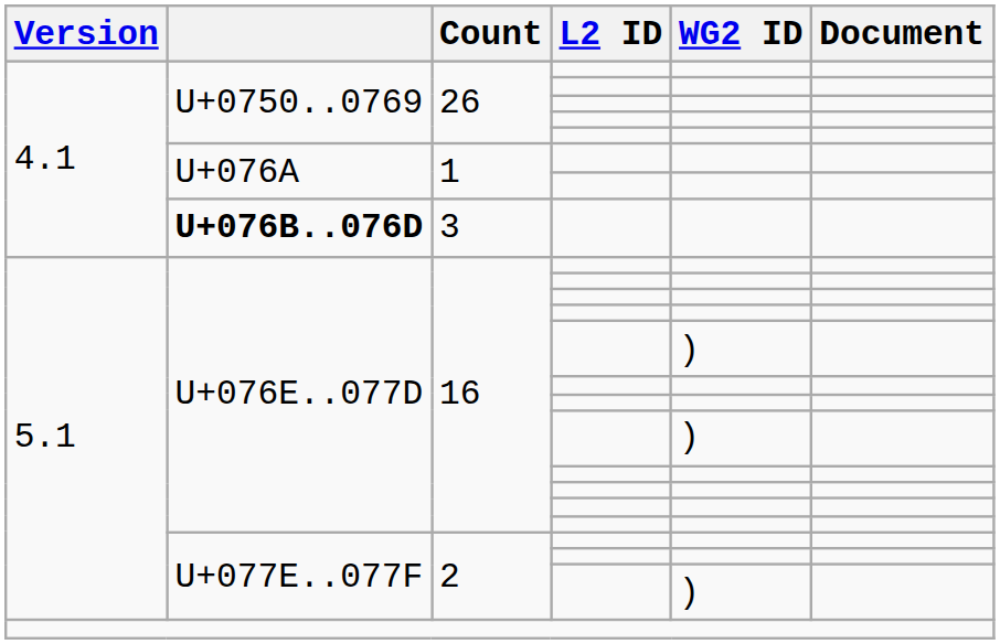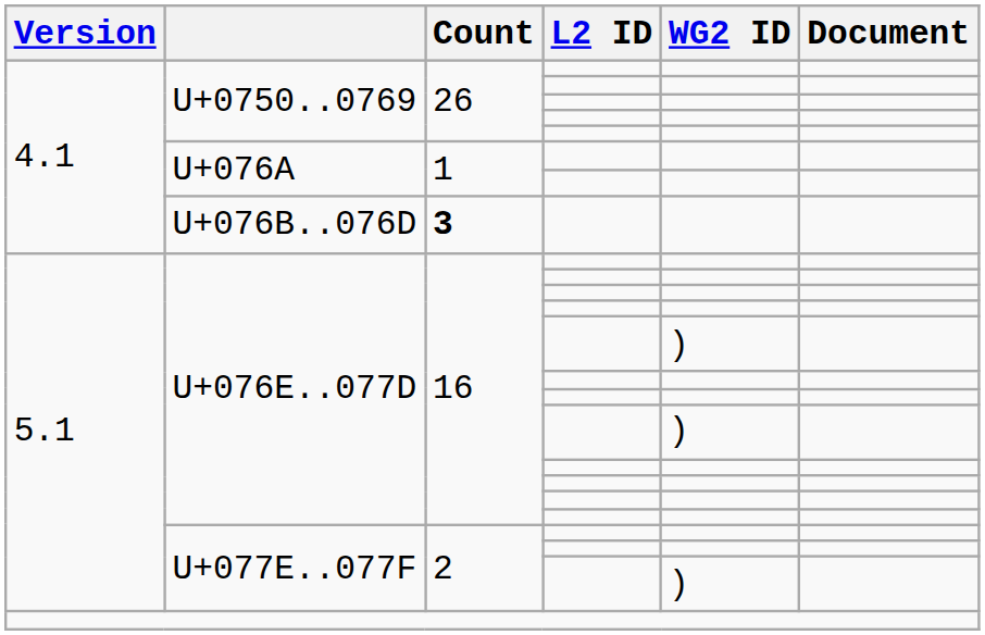 <table class="wikitable collapsible sticky-header">
 <tr>
 <th><a href='#'>Version</a></th>
 <th></th>
 <th>Count</th>
 <th><a href='#'>L2</a> ID</th>
 <th><a href='#'>WG2</a> ID</th>
 <th>Document</th>
 </tr>
 <tr>
 <td rowspan="8">4.1</td>
 <td rowspan="5">U+0750..0769</td>
 <td rowspan="5">26</td>
 <td></td>
 <td></td>
 <td></td>
 </tr>
 <tr>
 <td></td>
 <td></td>
 <td></td>
 </tr>
 <tr>
 <td></td>
 <td></td>
 <td></td>
 </tr>
 <tr>
 <td></td>
 <td></td>
 <td></td>
 </tr>
 <tr>
 <td></td>
 <td></td>
 <td></td>
 </tr>
 <tr>
 <td rowspan="2">U+076A</td>
 <td rowspan="2">1</td>
 <td></td>
 <td></td>
 <td></td>
 </tr>
 <tr>
 <td></td>
 <td></td>
 <td></td>
 </tr>
 <tr>
-<td><strong>U+076B..076D</strong></td>
-<td>3</td>
+<td>U+076B..076D</td>
+<td><strong>3</strong></td>
 <td></td>
 <td></td>
 <td></td>
 </tr>
 <tr>
 <td rowspan="15">5.1</td>
 <td rowspan="12">U+076E..077D</td>
 <td rowspan="12">16</td>
 <td></td>
 <td></td>
 <td></td>
 </tr>
 <tr>
 <td></td>
 <td></td>
 <td></td>
 </tr>
 <tr>
 <td></td>
 <td></td>
 <td></td>
 </tr>
 <tr>
 <td></td>
 <td></td>
 <td></td>
 </tr>
 <tr>
 <td></td>
 <td> )</td>
 <td></td>
 </tr>
 <tr>
 <td></td>
 <td></td>
 <td></td>
 </tr>
 <tr>
 <td></td>
 <td></td>
 <td></td>
 </tr>
 <tr>
 <td></td>
 <td> )</td>
 <td></td>
 </tr>
 <tr>
 <td></td>
 <td></td>
 <td></td>
 </tr>
 <tr>
 <td></td>
 <td></td>
 <td></td>
 </tr>
 <tr>
 <td></td>
 <td></td>
 <td></td>
 </tr>
 <tr>
 <td></td>
 <td></td>
 <td></td>
 </tr>
 <tr>
 <td rowspan="3">U+077E..077F</td>
 <td rowspan="3">2</td>
 <td></td>
 <td></td>
 <td></td>
 </tr>
 <tr>
 <td></td>
 <td></td>
 <td></td>
 </tr>
 <tr>
 <td></td>
 <td> )</td>
 <td></td>
 </tr>
 <tr class="sortbottom">
 <td colspan="6"></td>
 </tr>
 </table>
